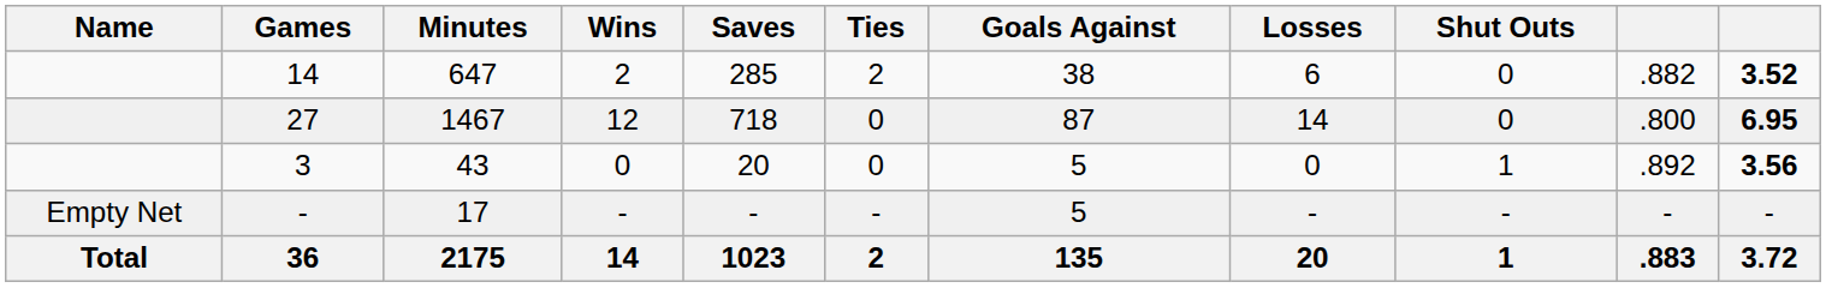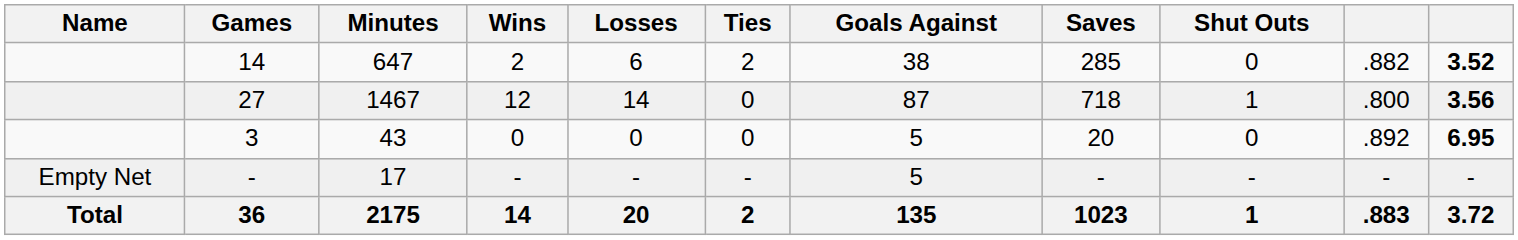 <table class="wikitable sortable" width ="1000">
 <tr align="center">
 <th><strong>Name</strong></th>
 <th><strong>Games</strong></th>
 <th><strong>Minutes</strong></th>
 <th><strong>Wins</strong></th>
-<th><strong>Saves</strong></th>
+<th><strong>Losses</strong></th>
 <th><strong>Ties</strong></th>
 <th><strong>Goals Against</strong></th>
-<th><strong>Losses</strong></th>
+<th><strong>Saves</strong></th>
 <th><strong>Shut Outs</strong></th>
 <th><strong><a href='#'></a></strong></th>
 <th><strong><a href='#'></a></strong></th>
 </tr>
 <tr align="center">
 <td></td>
 <td>14</td>
 <td>647</td>
 <td>2</td>
-<td>285</td>
+<td>6</td>
 <td>2</td>
 <td>38</td>
-<td>6</td>
+<td>285</td>
 <td>0</td>
 <td>.882</td>
 <td><strong>3.52</strong></td>
 </tr>
 <tr align="center" bgcolor="#f0f0f0">
 <td></td>
 <td>27</td>
 <td>1467</td>
 <td>12</td>
-<td>718</td>
+<td>14</td>
 <td>0</td>
 <td>87</td>
-<td>14</td>
-<td>0</td>
+<td>718</td>
+<td>1</td>
 <td>.800</td>
-<td><strong>6.95</strong></td>
+<td><strong>3.56</strong></td>
 </tr>
 <tr align="center" bgcolor="">
 <td></td>
 <td>3</td>
 <td>43</td>
 <td>0</td>
+<td>0</td>
+<td>0</td>
+<td>5</td>
 <td>20</td>
 <td>0</td>
-<td>5</td>
-<td>0</td>
-<td>1</td>
 <td>.892</td>
-<td><strong>3.56</strong></td>
+<td><strong>6.95</strong></td>
 </tr>
 <tr align="center" bgcolor="#f0f0f0">
 <td>Empty Net</td>
 <td>-</td>
 <td>17</td>
 <td>-</td>
 <td>-</td>
 <td>-</td>
 <td>5</td>
 <td>-</td>
 <td>-</td>
 <td>-</td>
 <td>-</td>
 </tr>
 <tr>
 <th>Total</th>
 <th>36</th>
 <th>2175</th>
 <th>14</th>
-<th>1023</th>
+<th>20</th>
 <th>2</th>
 <th>135</th>
-<th>20</th>
+<th>1023</th>
 <th>1</th>
 <th>.883</th>
 <th><strong>3.72</strong></th>
 </tr>
 </table>
